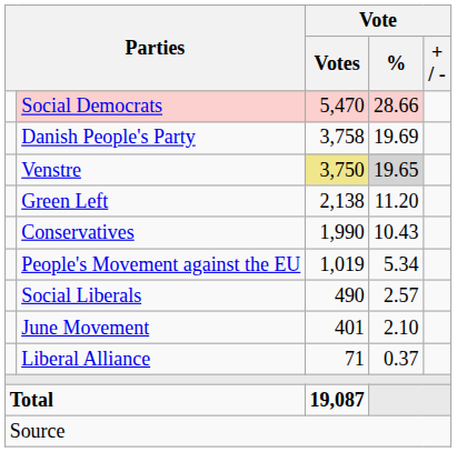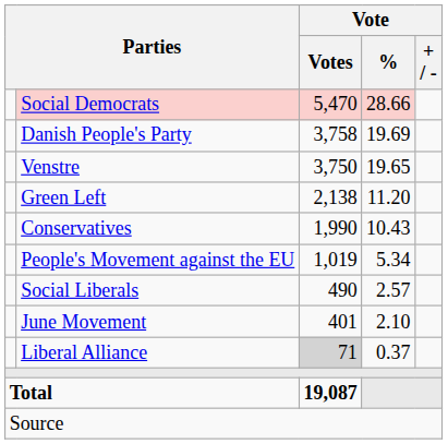 <table class="wikitable" style="text-align:right;">
 <tr>
 <th style="text-align:centre;" rowspan="2" colspan="2" width="225">Parties</th>
 <th colspan="3">Vote</th>
 </tr>
 <tr>
 <th width="15">Votes</th>
 <th width="15">%</th>
 <th width="15">+ / -</th>
 </tr>
 <tr>
 <td width="2" style="color:inherit;background:"></td>
 <td bgcolor=#fbd0ce   align="left"><a href='#'>Social Democrats</a></td>
 <td bgcolor=#fbd0ce>5,470</td>
 <td bgcolor=#fbd0ce>28.66</td>
 <td></td>
 </tr>
 <tr>
 <td width="2" style="color:inherit;background:"></td>
 <td align="left"><a href='#'>Danish People's Party</a></td>
 <td>3,758</td>
 <td>19.69</td>
 <td></td>
 </tr>
 <tr>
 <td width="2" style="color:inherit;background:"></td>
 <td align="left"><a href='#'>Venstre</a></td>
-<td style="background: khaki;">3,750</td>
-<td style="background: lightgrey;">19.65</td>
+<td>3,750</td>
+<td>19.65</td>
 <td></td>
 </tr>
 <tr>
 <td width="2" style="color:inherit;background:"></td>
 <td align="left"><a href='#'>Green Left</a></td>
 <td>2,138</td>
 <td>11.20</td>
 <td></td>
 </tr>
 <tr>
 <td width="2" style="color:inherit;background:"></td>
 <td align="left"><a href='#'>Conservatives</a></td>
 <td>1,990</td>
 <td>10.43</td>
 <td></td>
 </tr>
 <tr>
 <td width="2" style="color:inherit;background:"></td>
 <td align="left"><a href='#'>People's Movement against the EU</a></td>
 <td>1,019</td>
 <td>5.34</td>
 <td></td>
 </tr>
 <tr>
 <td width="2" style="color:inherit;background:"></td>
 <td align="left"><a href='#'>Social Liberals</a></td>
 <td>490</td>
 <td>2.57</td>
 <td></td>
 </tr>
 <tr>
 <td width="2" style="color:inherit;background:"></td>
 <td align="left"><a href='#'>June Movement</a></td>
 <td>401</td>
 <td>2.10</td>
 <td></td>
 </tr>
 <tr>
 <td width="2" style="color:inherit;background:"></td>
 <td align="left"><a href='#'>Liberal Alliance</a></td>
-<td>71</td>
+<td style="background: lightgrey;">71</td>
 <td>0.37</td>
 <td></td>
 </tr>
 <tr>
 <td colspan="7" bgcolor="#E9E9E9"></td>
 </tr>
 <tr>
 <td align="left" colspan="2"><strong>Total</strong></td>
 <td><strong>19,087</strong></td>
 <td bgcolor="#E9E9E9" colspan="2"></td>
 </tr>
 <tr>
 <td align="left" colspan="6">Source</td>
 </tr>
 </table>
